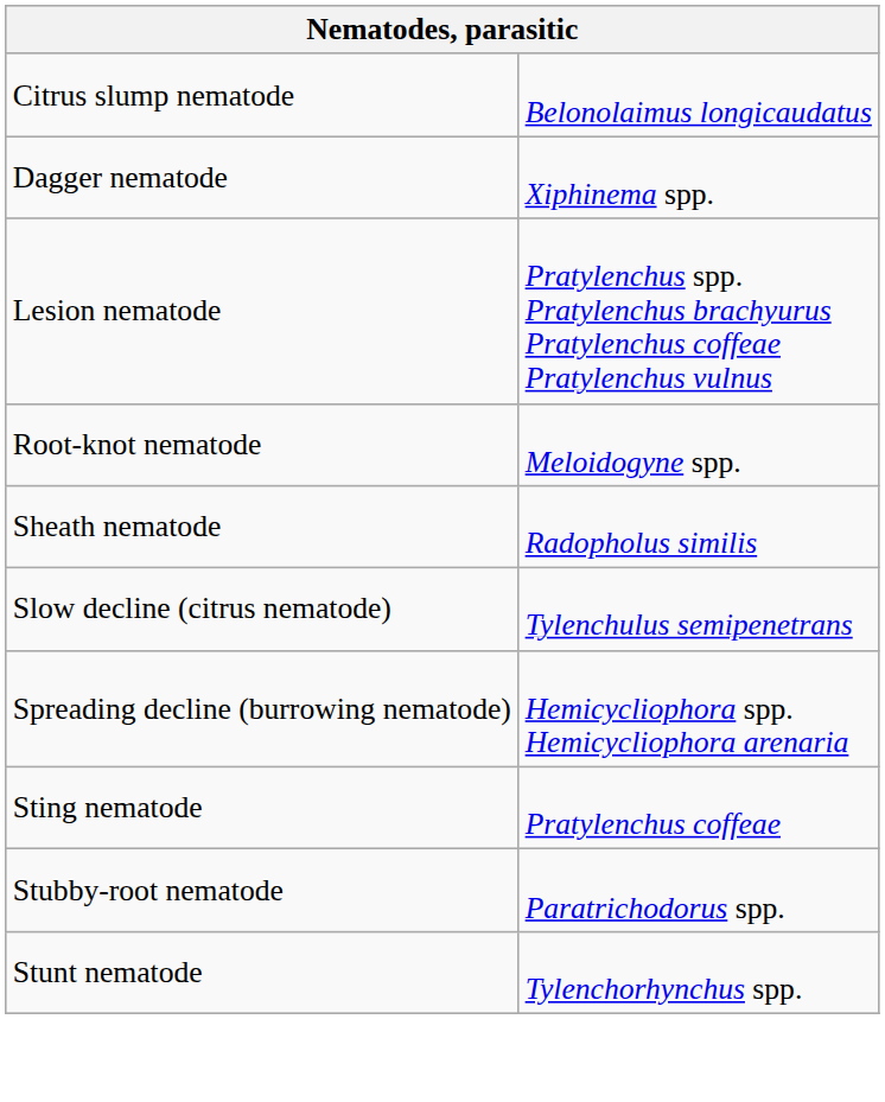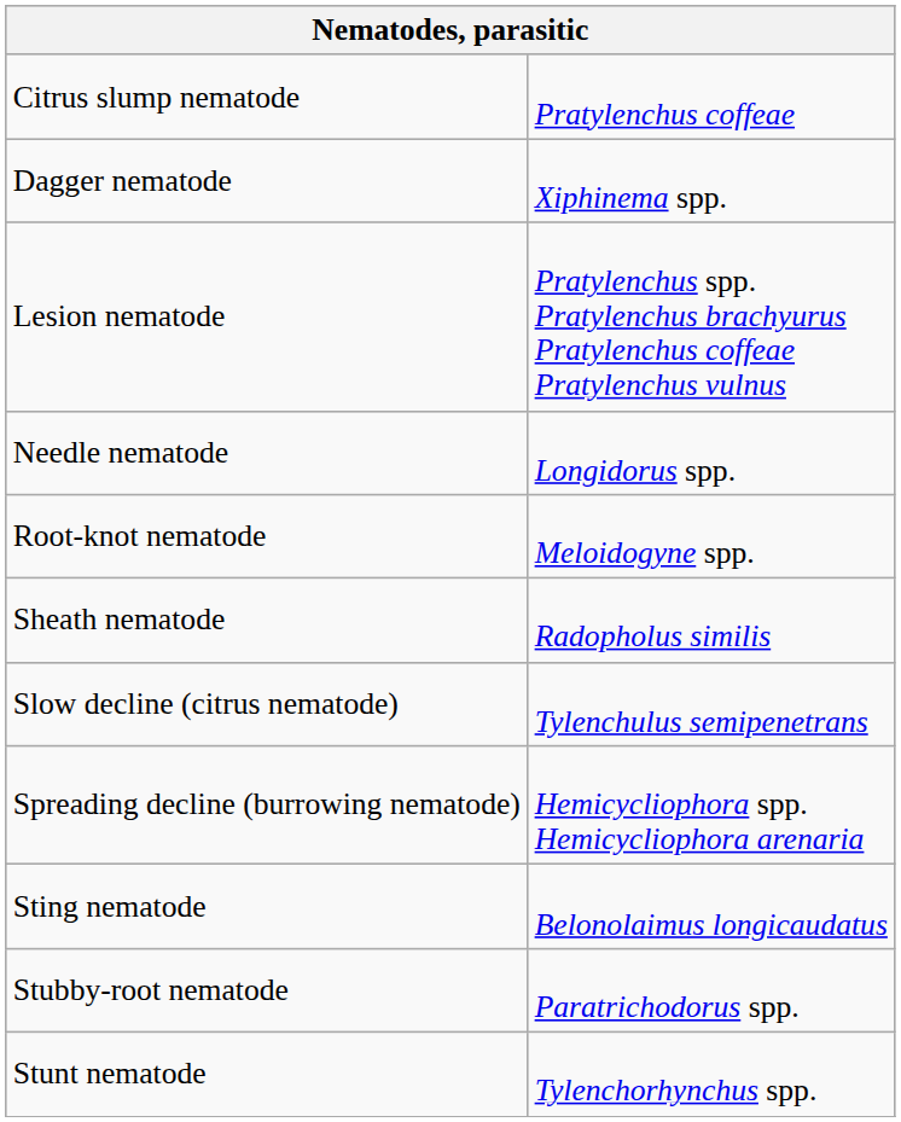 <table class="wikitable" style="clear">
 <tr>
 <th colspan=2><strong>Nematodes, parasitic</strong><br></th>
 </tr>
 <tr>
 <td>Citrus slump nematode</td>
-<td><br><em><a href='#'>Belonolaimus longicaudatus</a></em></td>
+<td><br><em><a href='#'>Pratylenchus coffeae</a></em></td>
 </tr>
 <tr>
 <td>Dagger nematode</td>
 <td><br><em><a href='#'>Xiphinema</a></em> spp.</td>
 </tr>
 <tr>
 <td>Lesion nematode</td>
 <td><br><em><a href='#'>Pratylenchus</a></em> spp. <br> <em><a href='#'>Pratylenchus brachyurus</a></em><br> <em><a href='#'>Pratylenchus coffeae</a></em><br> <em><a href='#'>Pratylenchus vulnus</a></em></td>
+</tr>
+<tr>
+<td>Needle nematode</td>
+<td><br><em><a href='#'>Longidorus</a></em> spp.</td>
 </tr>
 <tr>
 <td>Root-knot nematode</td>
 <td><br><em><a href='#'>Meloidogyne</a></em> spp.</td>
 </tr>
 <tr>
 <td>Sheath nematode</td>
 <td><br><em><a href='#'>Radopholus similis</a></em></td>
 </tr>
 <tr>
 <td>Slow decline (citrus nematode)</td>
 <td><br><em><a href='#'>Tylenchulus semipenetrans</a></em></td>
 </tr>
 <tr>
 <td>Spreading decline (burrowing nematode)</td>
 <td><br><em><a href='#'>Hemicycliophora</a></em> spp. <br> <em><a href='#'>Hemicycliophora arenaria</a></em></td>
 </tr>
 <tr>
 <td>Sting nematode</td>
-<td><br><em><a href='#'>Pratylenchus coffeae</a></em></td>
+<td><br><em><a href='#'>Belonolaimus longicaudatus</a></em></td>
 </tr>
 <tr>
 <td>Stubby-root nematode</td>
 <td><br><em><a href='#'>Paratrichodorus</a></em> spp.</td>
 </tr>
 <tr>
 <td>Stunt nematode</td>
 <td><br><em><a href='#'>Tylenchorhynchus</a></em> spp.</td>
 </tr>
 <tr>
 </tr>
 </table>
